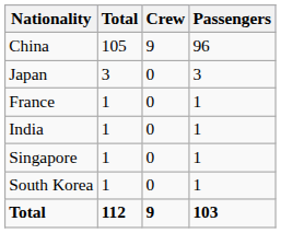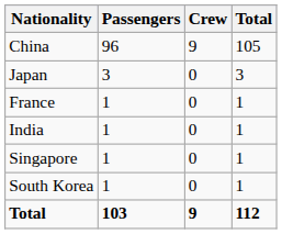 <table class="wikitable sortable floatright" style="font-size:85%; text-align:left;">
 <tr style="background:#ccccff;">
 <th rowspan=1>Nationality</th>
+<th colspan=1>Passengers</th>
+<th colspan=1>Crew</th>
 <th colspan=1>Total</th>
-<th colspan=1>Crew</th>
-<th colspan=1>Passengers</th>
 </tr>
 <tr valign=top>
 <td>China</td>
+<td>96</td>
+<td>9</td>
 <td>105</td>
-<td>9</td>
-<td>96</td>
 </tr>
 <tr valign=top>
 <td>Japan</td>
 <td>3</td>
 <td>0</td>
 <td>3</td>
 </tr>
 <tr valign=top>
 <td>France</td>
 <td>1</td>
 <td>0</td>
 <td>1</td>
 </tr>
 <tr valign=top>
 <td>India</td>
 <td>1</td>
 <td>0</td>
 <td>1</td>
 </tr>
 <tr valign=top>
 <td>Singapore</td>
 <td>1</td>
 <td>0</td>
 <td>1</td>
 </tr>
 <tr valign=top>
 <td>South Korea</td>
 <td>1</td>
 <td>0</td>
 <td>1</td>
 </tr>
 <tr valign=top>
 <td><strong>Total</strong></td>
+<td><strong>103</strong></td>
+<td><strong>9</strong></td>
 <td><strong>112</strong></td>
-<td><strong>9</strong></td>
-<td><strong>103</strong></td>
 </tr>
 </table>
